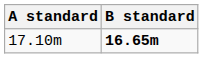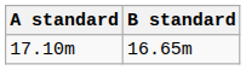 <table class="wikitable" border="1" align="upright">
 <tr>
 <th>A standard</th>
 <th>B standard</th>
 </tr>
 <tr>
 <td>17.10m</td>
-<td><strong>16.65m</strong></td>
+<td>16.65m</td>
 </tr>
 </table>
